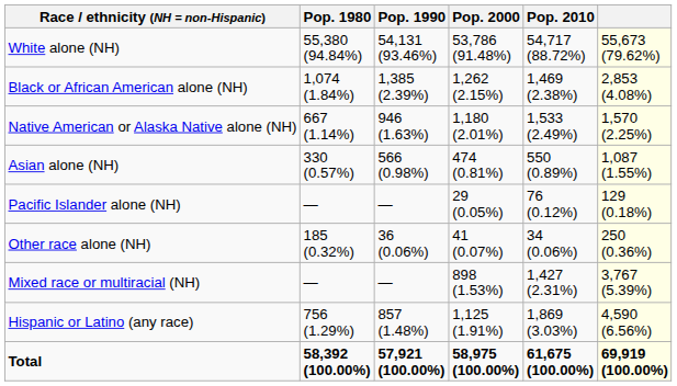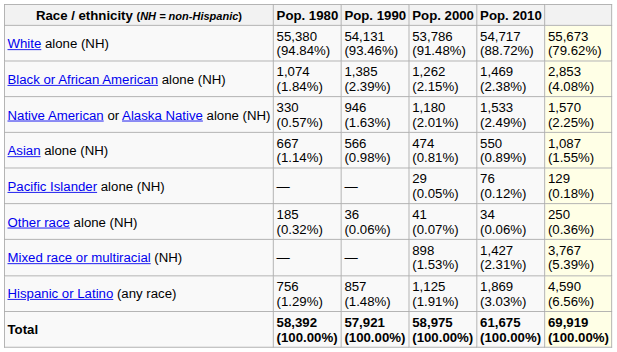 <table class="wikitable sortable collapsible" style="font-size: 95%;">
 <tr>
 <th>Race / ethnicity <small>(<em>NH = non-Hispanic</em>)</small></th>
 <th>Pop. 1980</th>
 <th>Pop. 1990</th>
 <th>Pop. 2000</th>
 <th>Pop. 2010</th>
 <th></th>
 </tr>
 <tr>
 <td><a href='#'>White</a> alone (NH)</td>
 <td>55,380<br>(94.84%)</td>
 <td>54,131<br>(93.46%)</td>
 <td>53,786<br>(91.48%)</td>
 <td>54,717<br>(88.72%)</td>
 <td style='background: #ffffe6;'>55,673<br>(79.62%)</td>
 </tr>
 <tr>
 <td><a href='#'>Black or African American</a> alone (NH)</td>
 <td>1,074<br>(1.84%)</td>
 <td>1,385<br>(2.39%)</td>
 <td>1,262<br>(2.15%)</td>
 <td>1,469<br>(2.38%)</td>
 <td style='background: #ffffe6;'>2,853<br>(4.08%)</td>
 </tr>
 <tr>
 <td><a href='#'>Native American</a> or <a href='#'>Alaska Native</a> alone (NH)</td>
-<td>667<br>(1.14%)</td>
+<td>330<br>(0.57%)</td>
 <td>946<br>(1.63%)</td>
 <td>1,180<br>(2.01%)</td>
 <td>1,533<br>(2.49%)</td>
 <td style='background: #ffffe6;'>1,570<br>(2.25%)</td>
 </tr>
 <tr>
 <td><a href='#'>Asian</a> alone (NH)</td>
-<td>330<br>(0.57%)</td>
+<td>667<br>(1.14%)</td>
 <td>566<br>(0.98%)</td>
 <td>474<br>(0.81%)</td>
 <td>550<br>(0.89%)</td>
 <td style='background: #ffffe6;'>1,087<br>(1.55%)</td>
 </tr>
 <tr>
 <td><a href='#'>Pacific Islander</a> alone (NH)</td>
 <td>—</td>
 <td>—</td>
 <td>29<br>(0.05%)</td>
 <td>76<br>(0.12%)</td>
 <td style='background: #ffffe6;'>129<br>(0.18%)</td>
 </tr>
 <tr>
 <td><a href='#'>Other race</a> alone (NH)</td>
 <td>185<br>(0.32%)</td>
 <td>36<br>(0.06%)</td>
 <td>41<br>(0.07%)</td>
 <td>34<br>(0.06%)</td>
 <td style='background: #ffffe6;'>250<br>(0.36%)</td>
 </tr>
 <tr>
 <td><a href='#'>Mixed race or multiracial</a> (NH)</td>
 <td>—</td>
 <td>—</td>
 <td>898<br>(1.53%)</td>
 <td>1,427<br>(2.31%)</td>
 <td style='background: #ffffe6;'>3,767<br>(5.39%)</td>
 </tr>
 <tr>
 <td><a href='#'>Hispanic or Latino</a> (any race)</td>
 <td>756<br>(1.29%)</td>
 <td>857<br>(1.48%)</td>
 <td>1,125<br>(1.91%)</td>
 <td>1,869<br>(3.03%)</td>
 <td style='background: #ffffe6;'>4,590<br>(6.56%)</td>
 </tr>
 <tr>
 <td><strong>Total</strong></td>
 <td><strong>58,392<br>(100.00%)</strong></td>
 <td><strong>57,921<br>(100.00%)</strong></td>
 <td><strong>58,975<br>(100.00%)</strong></td>
 <td><strong>61,675<br>(100.00%)</strong></td>
 <td style='background: #ffffe6;'><strong>69,919<br>(100.00%)</strong></td>
 </tr>
 </table>
